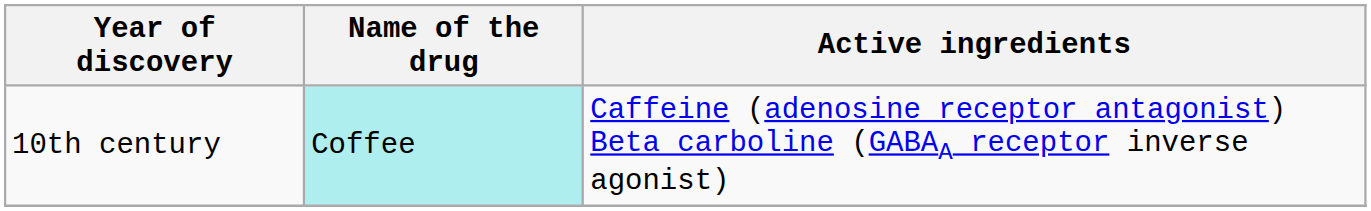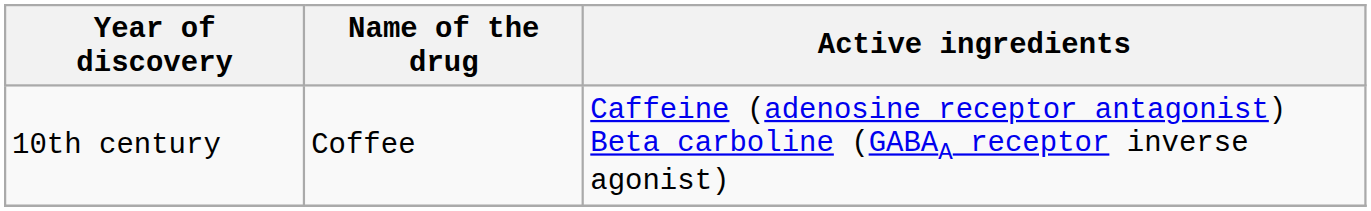 <table class="wikitable">
 <tr>
 <th>Year of discovery</th>
 <th>Name of the drug</th>
 <th>Active ingredients</th>
 </tr>
 <tr>
 <td>10th century</td>
-<td style="background: paleturquoise;">Coffee</td>
+<td>Coffee</td>
 <td><a href='#'>Caffeine</a> (<a href='#'>adenosine receptor antagonist</a>)<br><a href='#'>Beta carboline</a> (<a href='#'>GABA<sub>A</sub> receptor</a> inverse agonist)</td>
 </tr>
 <tr>
 </tr>
 </table>
